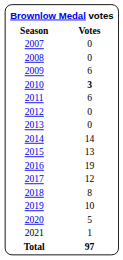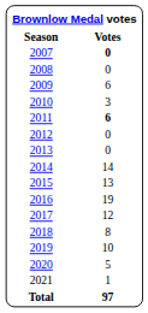 <table style="margin-right:4px; margin-top:8px; float:right; border:1px #000 solid; border-radius:8px; background:#fff; font-family:Verdana; font-size:8pt; text-align:center;">
 <tr style="background:#fff;">
 <td colspan="2;" style="padding:3px; margin-bottom:-3px; margin-top:2px; font-family:Arial; "><strong><a href='#'>Brownlow Medal</a> votes</strong></td>
 </tr>
 <tr>
 <th style="width:50%;">Season</th>
 <th style="width:50%;">Votes</th>
 </tr>
 <tr>
 <td><a href='#'>2007</a></td>
-<td>0</td>
+<td><strong>0</strong></td>
 </tr>
 <tr>
 <td><a href='#'>2008</a></td>
 <td>0</td>
 </tr>
 <tr>
 <td><a href='#'>2009</a></td>
 <td>6</td>
 </tr>
 <tr>
 <td><a href='#'>2010</a></td>
-<td><strong>3</strong></td>
+<td>3</td>
 </tr>
 <tr>
 <td><a href='#'>2011</a></td>
-<td>6</td>
+<td><strong>6</strong></td>
 </tr>
 <tr>
 <td><a href='#'>2012</a></td>
 <td>0</td>
 </tr>
 <tr>
 <td><a href='#'>2013</a></td>
 <td>0</td>
 </tr>
 <tr>
 <td><a href='#'>2014</a></td>
 <td>14</td>
 </tr>
 <tr>
 <td><a href='#'>2015</a></td>
 <td>13</td>
 </tr>
 <tr>
 <td><a href='#'>2016</a></td>
 <td>19</td>
 </tr>
 <tr>
 <td><a href='#'>2017</a></td>
 <td>12</td>
 </tr>
 <tr>
 <td><a href='#'>2018</a></td>
 <td>8</td>
 </tr>
 <tr>
 <td><a href='#'>2019</a></td>
 <td>10</td>
 </tr>
 <tr>
 <td><a href='#'>2020</a></td>
 <td>5</td>
 </tr>
 <tr>
 <td>2021</td>
 <td>1</td>
 </tr>
 <tr>
 <td><strong>Total</strong></td>
 <td><strong>97</strong><br></td>
 </tr>
 </table>
